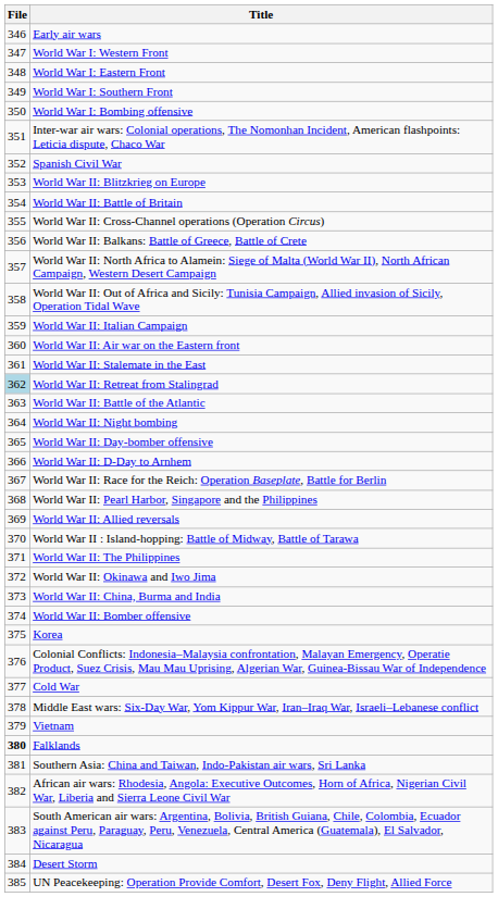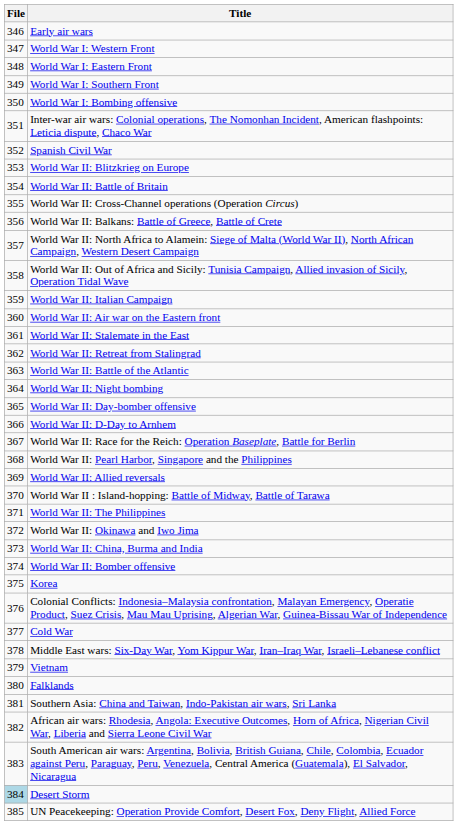 <table class="wikitable collapsible collapsed" border="1">
 <tr>
 <th>File</th>
 <th width=600>Title</th>
 </tr>
 <tr>
 <td>346</td>
 <td><a href='#'>Early air wars</a></td>
 </tr>
 <tr>
 <td>347</td>
 <td><a href='#'>World War I: Western Front</a></td>
 </tr>
 <tr>
 <td>348</td>
 <td><a href='#'>World War I: Eastern Front</a></td>
 </tr>
 <tr>
 <td>349</td>
 <td><a href='#'>World War I: Southern Front</a></td>
 </tr>
 <tr>
 <td>350</td>
 <td><a href='#'>World War I: Bombing offensive</a></td>
 </tr>
 <tr>
 <td>351</td>
 <td>Inter-war air wars: <a href='#'>Colonial operations</a>, <a href='#'>The Nomonhan Incident</a>, American flashpoints: <a href='#'>Leticia dispute</a>, <a href='#'>Chaco War</a></td>
 </tr>
 <tr>
 <td>352</td>
 <td><a href='#'>Spanish Civil War</a></td>
 </tr>
 <tr>
 <td>353</td>
 <td><a href='#'>World War II: Blitzkrieg on Europe</a></td>
 </tr>
 <tr>
 <td>354</td>
 <td><a href='#'>World War II: Battle of Britain</a></td>
 </tr>
 <tr>
 <td>355</td>
 <td>World War II: Cross-Channel operations (Operation <em>Circus</em>)</td>
 </tr>
 <tr>
 <td>356</td>
 <td>World War II: Balkans: <a href='#'>Battle of Greece</a>, <a href='#'>Battle of Crete</a></td>
 </tr>
 <tr>
 <td>357</td>
 <td>World War II: North Africa to Alamein: <a href='#'>Siege of Malta (World War II)</a>, <a href='#'>North African Campaign</a>, <a href='#'>Western Desert Campaign</a></td>
 </tr>
 <tr>
 <td>358</td>
 <td>World War II: Out of Africa and Sicily: <a href='#'>Tunisia Campaign</a>, <a href='#'>Allied invasion of Sicily</a>, <a href='#'>Operation Tidal Wave</a></td>
 </tr>
 <tr>
 <td>359</td>
 <td><a href='#'>World War II: Italian Campaign</a></td>
 </tr>
 <tr>
 <td>360</td>
 <td><a href='#'>World War II: Air war on the Eastern front</a></td>
 </tr>
 <tr>
 <td>361</td>
 <td><a href='#'>World War II: Stalemate in the East</a></td>
 </tr>
 <tr>
-<td style="background: lightblue;">362</td>
+<td>362</td>
 <td><a href='#'>World War II: Retreat from Stalingrad</a></td>
 </tr>
 <tr>
 <td>363</td>
 <td><a href='#'>World War II: Battle of the Atlantic</a></td>
 </tr>
 <tr>
 <td>364</td>
 <td><a href='#'>World War II: Night bombing</a></td>
 </tr>
 <tr>
 <td>365</td>
 <td><a href='#'>World War II: Day-bomber offensive</a></td>
 </tr>
 <tr>
 <td>366</td>
 <td><a href='#'>World War II: D-Day to Arnhem</a></td>
 </tr>
 <tr>
 <td>367</td>
 <td>World War II: Race for the Reich: <a href='#'>Operation <em>Baseplate</em></a>, <a href='#'>Battle for Berlin</a></td>
 </tr>
 <tr>
 <td>368</td>
 <td>World War II: <a href='#'>Pearl Harbor</a>, <a href='#'>Singapore</a> and the <a href='#'>Philippines</a></td>
 </tr>
 <tr>
 <td>369</td>
 <td><a href='#'>World War II: Allied reversals</a></td>
 </tr>
 <tr>
 <td>370</td>
 <td>World War II : Island-hopping: <a href='#'>Battle of Midway</a>, <a href='#'>Battle of Tarawa</a></td>
 </tr>
 <tr>
 <td>371</td>
 <td><a href='#'>World War II: The Philippines</a></td>
 </tr>
 <tr>
 <td>372</td>
 <td>World War II: <a href='#'>Okinawa</a> and <a href='#'>Iwo Jima</a></td>
 </tr>
 <tr>
 <td>373</td>
 <td><a href='#'>World War II: China, Burma and India</a></td>
 </tr>
 <tr>
 <td>374</td>
 <td><a href='#'>World War II: Bomber offensive</a></td>
 </tr>
 <tr>
 <td>375</td>
 <td><a href='#'>Korea</a></td>
 </tr>
 <tr>
 <td>376</td>
 <td>Colonial Conflicts: <a href='#'>Indonesia–Malaysia confrontation</a>, <a href='#'>Malayan Emergency</a>, <a href='#'>Operatie Product</a>, <a href='#'>Suez Crisis</a>, <a href='#'>Mau Mau Uprising</a>, <a href='#'>Algerian War</a>, <a href='#'>Guinea-Bissau War of Independence</a></td>
 </tr>
 <tr>
 <td>377</td>
 <td><a href='#'>Cold War</a></td>
 </tr>
 <tr>
 <td>378</td>
 <td>Middle East wars: <a href='#'>Six-Day War</a>, <a href='#'>Yom Kippur War</a>, <a href='#'>Iran–Iraq War</a>, <a href='#'>Israeli–Lebanese conflict</a></td>
 </tr>
 <tr>
 <td>379</td>
 <td><a href='#'>Vietnam</a></td>
 </tr>
 <tr>
-<td><strong>380</strong></td>
+<td>380</td>
 <td><a href='#'>Falklands</a></td>
 </tr>
 <tr>
 <td>381</td>
 <td>Southern Asia: <a href='#'>China and Taiwan</a>, <a href='#'>Indo-Pakistan air wars</a>, <a href='#'>Sri Lanka</a></td>
 </tr>
 <tr>
 <td>382</td>
 <td>African air wars: <a href='#'>Rhodesia</a>, <a href='#'>Angola: Executive Outcomes</a>, <a href='#'>Horn of Africa</a>, <a href='#'>Nigerian Civil War</a>, <a href='#'>Liberia</a> and <a href='#'>Sierra Leone Civil War</a></td>
 </tr>
 <tr>
 <td>383</td>
 <td>South American air wars: <a href='#'>Argentina</a>, <a href='#'>Bolivia</a>, <a href='#'>British Guiana</a>, <a href='#'>Chile</a>, <a href='#'>Colombia</a>, <a href='#'>Ecuador against Peru</a>, <a href='#'>Paraguay</a>, <a href='#'>Peru</a>, <a href='#'>Venezuela</a>, Central America (<a href='#'>Guatemala</a>), <a href='#'>El Salvador</a>, <a href='#'>Nicaragua</a></td>
 </tr>
 <tr>
-<td>384</td>
+<td style="background: lightblue;">384</td>
 <td><a href='#'>Desert Storm</a></td>
 </tr>
 <tr>
 <td>385</td>
 <td>UN Peacekeeping: <a href='#'>Operation Provide Comfort</a>, <a href='#'>Desert Fox</a>, <a href='#'>Deny Flight</a>, <a href='#'>Allied Force</a></td>
 </tr>
 </table>
